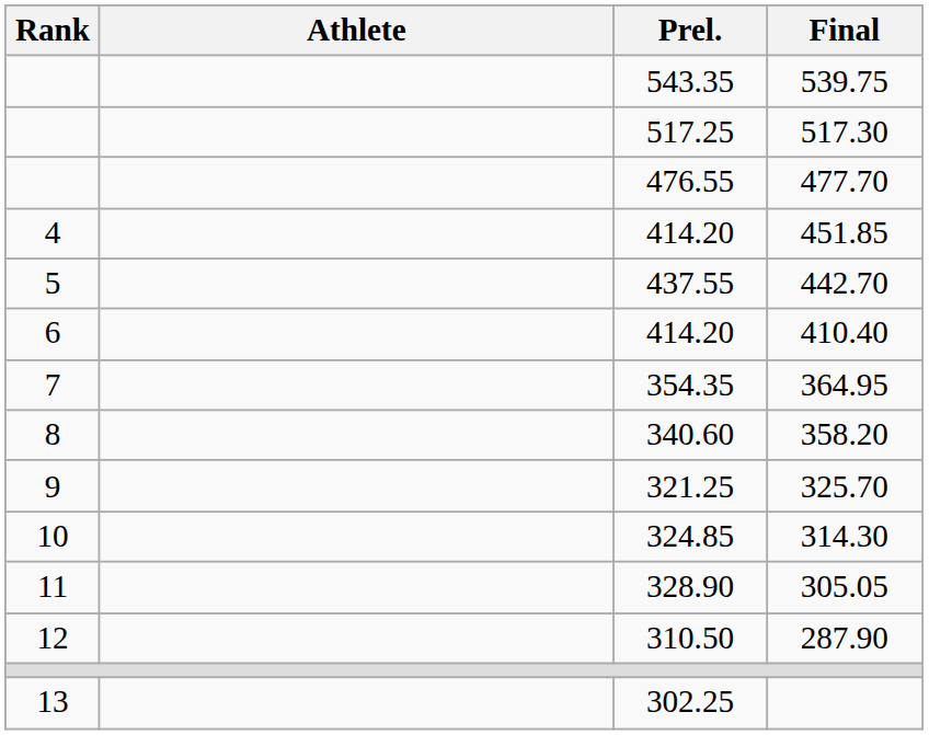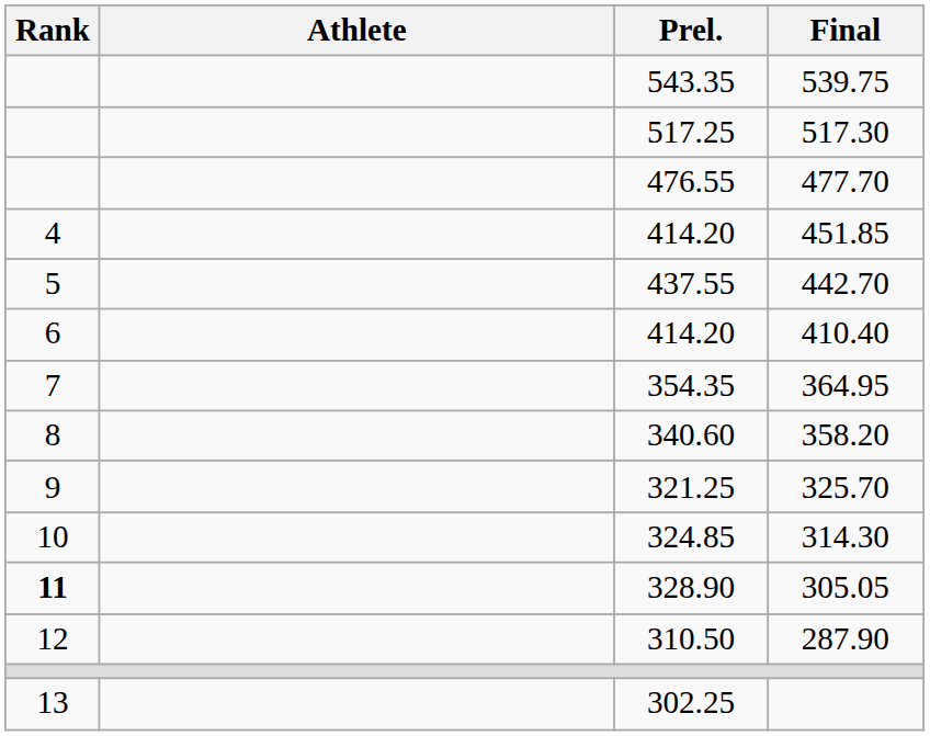 <table class=wikitable style="text-align:center">
 <tr>
 <th width=40>Rank</th>
 <th width=250>Athlete</th>
 <th width=70>Prel.</th>
 <th width=70>Final</th>
 </tr>
 <tr>
 <td></td>
 <td align=left></td>
 <td>543.35</td>
 <td>539.75</td>
 </tr>
 <tr>
 <td></td>
 <td align=left></td>
 <td>517.25</td>
 <td>517.30</td>
 </tr>
 <tr>
 <td></td>
 <td align=left></td>
 <td>476.55</td>
 <td>477.70</td>
 </tr>
 <tr>
 <td>4</td>
 <td align=left></td>
 <td>414.20</td>
 <td>451.85</td>
 </tr>
 <tr>
 <td>5</td>
 <td align=left></td>
 <td>437.55</td>
 <td>442.70</td>
 </tr>
 <tr>
 <td>6</td>
 <td align=left></td>
 <td>414.20</td>
 <td>410.40</td>
 </tr>
 <tr>
 <td>7</td>
 <td align=left></td>
 <td>354.35</td>
 <td>364.95</td>
 </tr>
 <tr>
 <td>8</td>
 <td align=left></td>
 <td>340.60</td>
 <td>358.20</td>
 </tr>
 <tr>
 <td>9</td>
 <td align=left></td>
 <td>321.25</td>
 <td>325.70</td>
 </tr>
 <tr>
 <td>10</td>
 <td align=left></td>
 <td>324.85</td>
 <td>314.30</td>
 </tr>
 <tr>
-<td>11</td>
+<td><strong>11</strong></td>
 <td align=left></td>
 <td>328.90</td>
 <td>305.05</td>
 </tr>
 <tr>
 <td>12</td>
 <td align=left></td>
 <td>310.50</td>
 <td>287.90</td>
 </tr>
 <tr bgcolor=#DDDDDD>
 <td colspan=4></td>
 </tr>
 <tr>
 <td>13</td>
 <td align=left></td>
 <td>302.25</td>
 <td></td>
 </tr>
 </table>
